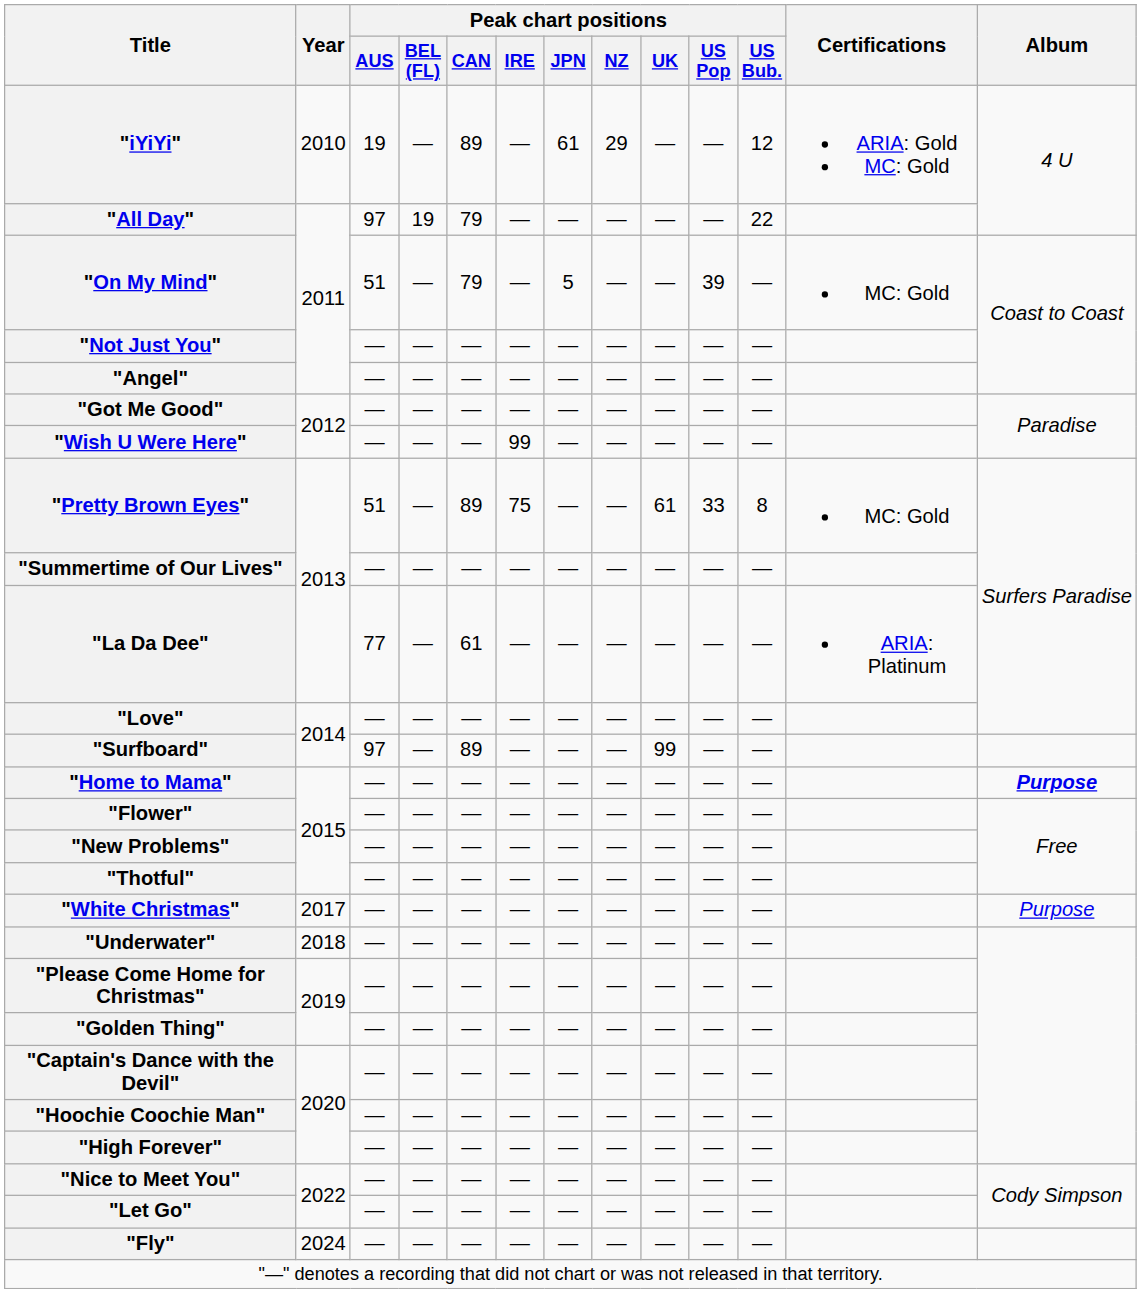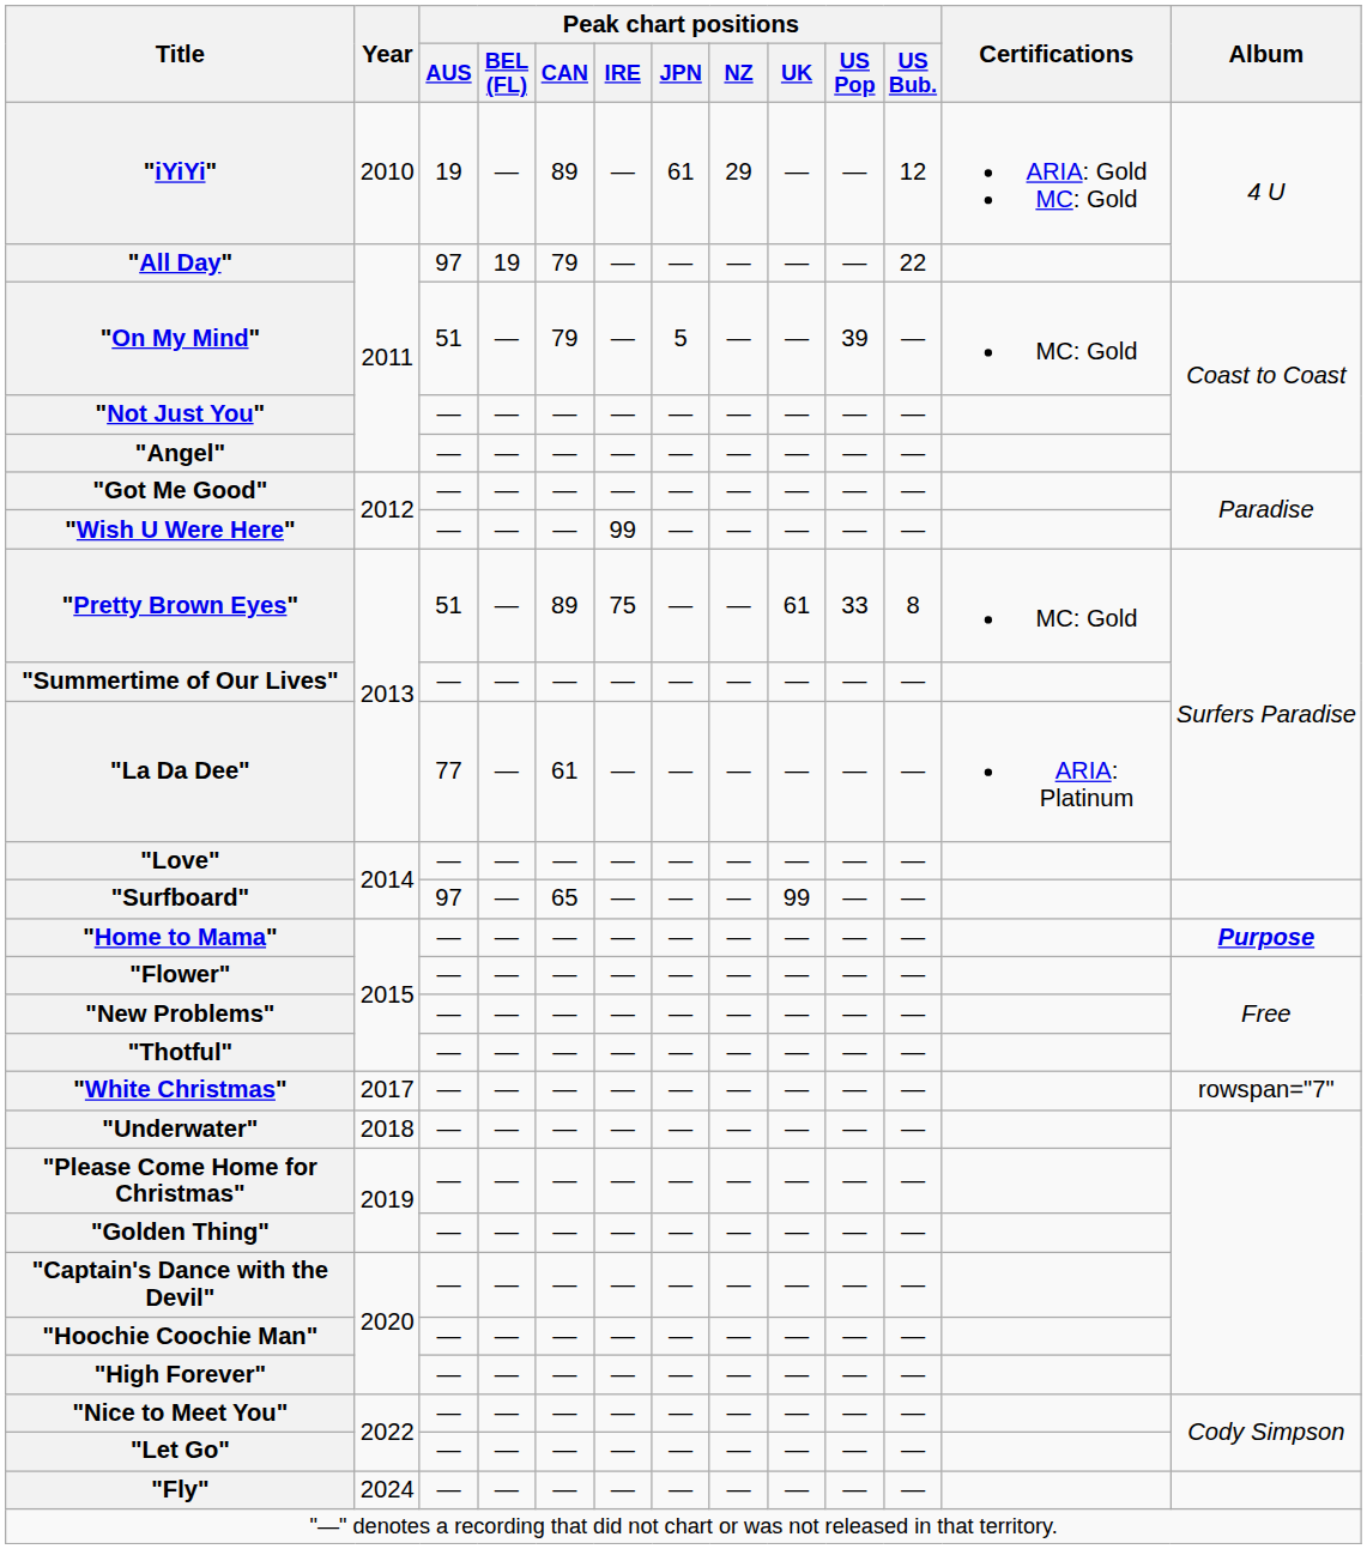 <table class="wikitable plainrowheaders" style="text-align:center;">
 <tr>
 <th scope="col" rowspan="2" style="width:14em;">Title</th>
 <th scope="col" rowspan="2">Year</th>
 <th scope="col" colspan="9">Peak chart positions</th>
 <th scope="col" rowspan="2" style="width:9em;">Certifications</th>
 <th scope="col" rowspan="2">Album</th>
 </tr>
 <tr>
 <th scope="col" style="width:2.2em;font-size:90%;"><a href='#'>AUS</a><br></th>
 <th scope="col" style="width:2.2em;font-size:90%;"><a href='#'>BEL<br>(FL)</a><br></th>
 <th scope="col" style="width:2.2em;font-size:90%;"><a href='#'>CAN</a><br></th>
 <th scope="col" style="width:2.2em;font-size:90%;"><a href='#'>IRE</a><br></th>
 <th scope="col" style="width:2.2em;font-size:90%;"><a href='#'>JPN</a><br></th>
 <th scope="col" style="width:2.2em;font-size:90%;"><a href='#'>NZ</a><br></th>
 <th scope="col" style="width:2.2em;font-size:90%;"><a href='#'>UK</a><br></th>
 <th scope="col" style="width:2.2em;font-size:90%;"><a href='#'>US<br>Pop</a><br></th>
 <th scope="col" style="width:2.2em;font-size:90%;"><a href='#'>US<br>Bub.</a><br></th>
 </tr>
 <tr>
 <th scope="row">"<a href='#'>iYiYi</a>"<br></th>
 <td>2010</td>
 <td>19</td>
 <td>—</td>
 <td>89</td>
 <td>—</td>
 <td>61</td>
 <td>29</td>
 <td>—</td>
 <td>—</td>
 <td>12</td>
 <td><br><ul><li><a href='#'>ARIA</a>: Gold</li><li><a href='#'>MC</a>: Gold</li></ul></td>
 <td rowspan="2"><em>4 U</em></td>
 </tr>
 <tr>
 <th scope="row">"<a href='#'>All Day</a>"</th>
 <td rowspan="4">2011</td>
 <td>97</td>
 <td>19</td>
 <td>79</td>
 <td>—</td>
 <td>—</td>
 <td>—</td>
 <td>—</td>
 <td>—</td>
 <td>22</td>
 <td></td>
 </tr>
 <tr>
 <th scope="row">"<a href='#'>On My Mind</a>"</th>
 <td>51</td>
 <td>—</td>
 <td>79</td>
 <td>—</td>
 <td>5</td>
 <td>—</td>
 <td>—</td>
 <td>39</td>
 <td>—</td>
 <td><br><ul><li>MC: Gold</li></ul></td>
 <td rowspan="3"><em>Coast to Coast</em></td>
 </tr>
 <tr>
 <th scope="row">"<a href='#'>Not Just You</a>"</th>
 <td>—</td>
 <td>—</td>
 <td>—</td>
 <td>—</td>
 <td>—</td>
 <td>—</td>
 <td>—</td>
 <td>—</td>
 <td>—</td>
 <td></td>
 </tr>
 <tr>
 <th scope="row">"Angel"</th>
 <td>—</td>
 <td>—</td>
 <td>—</td>
 <td>—</td>
 <td>—</td>
 <td>—</td>
 <td>—</td>
 <td>—</td>
 <td>—</td>
 <td></td>
 </tr>
 <tr>
 <th scope="row">"Got Me Good"</th>
 <td rowspan="2">2012</td>
 <td>—</td>
 <td>—</td>
 <td>—</td>
 <td>—</td>
 <td>—</td>
 <td>—</td>
 <td>—</td>
 <td>—</td>
 <td>—</td>
 <td></td>
 <td rowspan="2"><em>Paradise</em></td>
 </tr>
 <tr>
 <th scope="row">"<a href='#'>Wish U Were Here</a>"<br></th>
 <td>—</td>
 <td>—</td>
 <td>—</td>
 <td>99</td>
 <td>—</td>
 <td>—</td>
 <td>—</td>
 <td>—</td>
 <td>—</td>
 <td></td>
 </tr>
 <tr>
 <th scope="row">"<a href='#'>Pretty Brown Eyes</a>"</th>
 <td rowspan="3">2013</td>
 <td>51</td>
 <td>—</td>
 <td>89</td>
 <td>75</td>
 <td>—</td>
 <td>—</td>
 <td>61</td>
 <td>33</td>
 <td>8</td>
 <td><br><ul><li>MC: Gold</li></ul></td>
 <td rowspan="4"><em>Surfers Paradise</em></td>
 </tr>
 <tr>
 <th scope="row">"Summertime of Our Lives"</th>
 <td>—</td>
 <td>—</td>
 <td>—</td>
 <td>—</td>
 <td>—</td>
 <td>—</td>
 <td>—</td>
 <td>—</td>
 <td>—</td>
 <td></td>
 </tr>
 <tr>
 <th scope="row">"La Da Dee"</th>
 <td>77</td>
 <td>—</td>
 <td>61</td>
 <td>—</td>
 <td>—</td>
 <td>—</td>
 <td>—</td>
 <td>—</td>
 <td>—</td>
 <td><br><ul><li><a href='#'>ARIA</a>: Platinum</li></ul></td>
 </tr>
 <tr>
 <th scope="row">"Love"<br></th>
 <td rowspan="2">2014</td>
 <td>—</td>
 <td>—</td>
 <td>—</td>
 <td>—</td>
 <td>—</td>
 <td>—</td>
 <td>—</td>
 <td>—</td>
 <td>—</td>
 <td></td>
 </tr>
 <tr>
 <th scope="row">"Surfboard"</th>
 <td>97</td>
 <td>—</td>
-<td>89</td>
+<td>65</td>
 <td>—</td>
 <td>—</td>
 <td>—</td>
 <td>99</td>
 <td>—</td>
 <td>—</td>
 <td></td>
 <td></td>
 </tr>
 <tr>
 <th scope="row">"<a href='#'>Home to Mama</a>" <br></th>
 <td rowspan="4">2015</td>
 <td>—</td>
 <td>—</td>
 <td>—</td>
 <td>—</td>
 <td>—</td>
 <td>—</td>
 <td>—</td>
 <td>—</td>
 <td>—</td>
 <td></td>
 <td><strong><em><a href='#'>Purpose</a></em> </strong></td>
 </tr>
 <tr>
 <th scope="row">"Flower"</th>
 <td>—</td>
 <td>—</td>
 <td>—</td>
 <td>—</td>
 <td>—</td>
 <td>—</td>
 <td>—</td>
 <td>—</td>
 <td>—</td>
 <td></td>
 <td rowspan="3"><em>Free</em></td>
 </tr>
 <tr>
 <th scope="row">"New Problems"</th>
 <td>—</td>
 <td>—</td>
 <td>—</td>
 <td>—</td>
 <td>—</td>
 <td>—</td>
 <td>—</td>
 <td>—</td>
 <td>—</td>
 <td></td>
 </tr>
 <tr>
 <th scope="row">"Thotful"</th>
 <td>—</td>
 <td>—</td>
 <td>—</td>
 <td>—</td>
 <td>—</td>
 <td>—</td>
 <td>—</td>
 <td>—</td>
 <td>—</td>
 <td></td>
 </tr>
 <tr>
 <th scope="row">"<a href='#'>White Christmas</a>"<br></th>
 <td>2017</td>
 <td>—</td>
 <td>—</td>
 <td>—</td>
 <td>—</td>
 <td>—</td>
 <td>—</td>
 <td>—</td>
 <td>—</td>
 <td>—</td>
 <td></td>
-<td><em><a href='#'>Purpose</a></em> </td>
+<td>rowspan="7" </td>
 </tr>
 <tr>
 <th scope="row">"Underwater"<br></th>
 <td>2018</td>
 <td>—</td>
 <td>—</td>
 <td>—</td>
 <td>—</td>
 <td>—</td>
 <td>—</td>
 <td>—</td>
 <td>—</td>
 <td>—</td>
 <td></td>
 </tr>
 <tr>
 <th scope="row">"Please Come Home for Christmas"</th>
 <td rowspan="2">2019</td>
 <td>—</td>
 <td>—</td>
 <td>—</td>
 <td>—</td>
 <td>—</td>
 <td>—</td>
 <td>—</td>
 <td>—</td>
 <td>—</td>
 <td></td>
 </tr>
 <tr>
 <th scope="row">"Golden Thing"</th>
 <td>—</td>
 <td>—</td>
 <td>—</td>
 <td>—</td>
 <td>—</td>
 <td>—</td>
 <td>—</td>
 <td>—</td>
 <td>—</td>
 <td></td>
 </tr>
 <tr>
 <th scope="row">"Captain's Dance with the Devil"</th>
 <td rowspan="3">2020</td>
 <td>—</td>
 <td>—</td>
 <td>—</td>
 <td>—</td>
 <td>—</td>
 <td>—</td>
 <td>—</td>
 <td>—</td>
 <td>—</td>
 <td></td>
 </tr>
 <tr>
 <th scope="row">"Hoochie Coochie Man" <br></th>
 <td>—</td>
 <td>—</td>
 <td>—</td>
 <td>—</td>
 <td>—</td>
 <td>—</td>
 <td>—</td>
 <td>—</td>
 <td>—</td>
 <td></td>
 </tr>
 <tr>
 <th scope="row">"High Forever" <br></th>
 <td>—</td>
 <td>—</td>
 <td>—</td>
 <td>—</td>
 <td>—</td>
 <td>—</td>
 <td>—</td>
 <td>—</td>
 <td>—</td>
 <td></td>
 </tr>
 <tr>
 <th scope="row">"Nice to Meet You"</th>
 <td rowspan="2">2022</td>
 <td>—</td>
 <td>—</td>
 <td>—</td>
 <td>—</td>
 <td>—</td>
 <td>—</td>
 <td>—</td>
 <td>—</td>
 <td>—</td>
 <td></td>
 <td rowspan="2"><em>Cody Simpson</em></td>
 </tr>
 <tr>
 <th scope="row">"Let Go"</th>
 <td>—</td>
 <td>—</td>
 <td>—</td>
 <td>—</td>
 <td>—</td>
 <td>—</td>
 <td>—</td>
 <td>—</td>
 <td>—</td>
 <td></td>
 </tr>
 <tr>
 <th scope="row">"Fly"</th>
 <td>2024</td>
 <td>—</td>
 <td>—</td>
 <td>—</td>
 <td>—</td>
 <td>—</td>
 <td>—</td>
 <td>—</td>
 <td>—</td>
 <td>—</td>
 <td></td>
 </tr>
 <tr>
 <td colspan="13" style="font-size:90%">"—" denotes a recording that did not chart or was not released in that territory.</td>
 </tr>
 </table>
